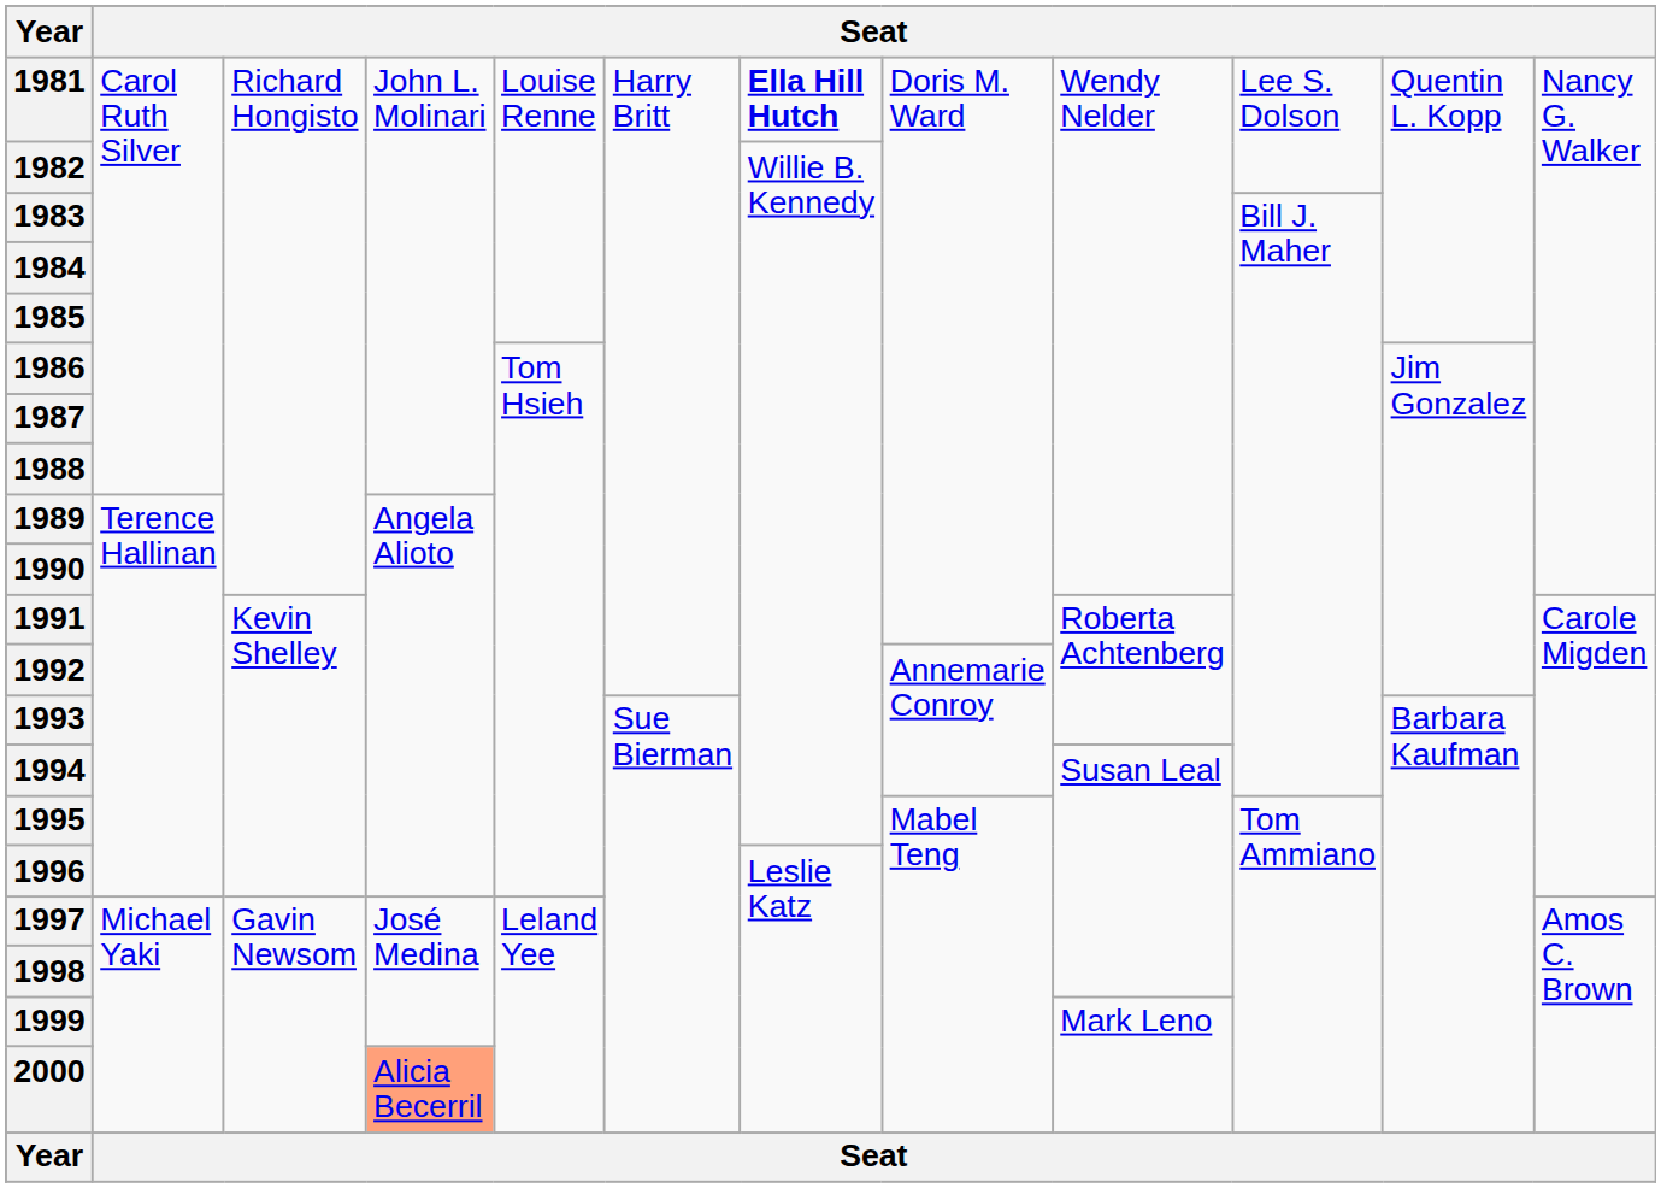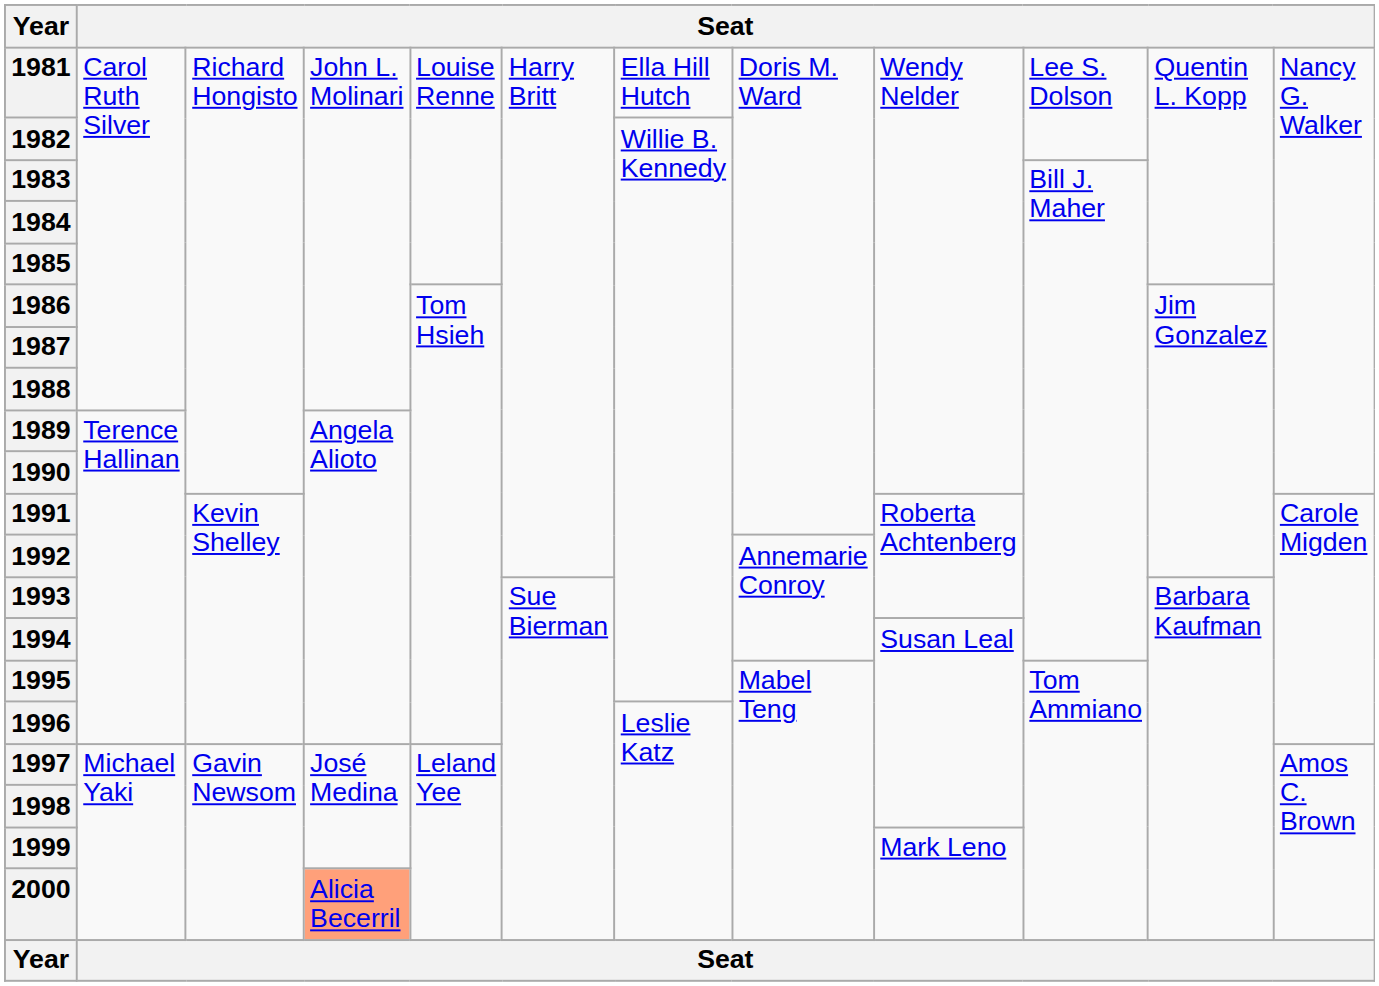 <table class="wikitable" width=100% style="font-size: 86%;">
 <tr>
 <th width="15%">Year</th>
 <th colspan="11" align="left">Seat</th>
 </tr>
 <tr valign=top>
 <th>1981</th>
 <td rowspan="8"><a href='#'>Carol Ruth Silver</a></td>
 <td rowspan="10"><a href='#'>Richard Hongisto</a></td>
 <td rowspan="8"><a href='#'>John L. Molinari</a></td>
 <td rowspan="5"><a href='#'>Louise Renne</a></td>
 <td rowspan="12"><a href='#'>Harry Britt</a></td>
-<td><strong><a href='#'>Ella Hill Hutch</a></strong></td>
+<td><a href='#'>Ella Hill Hutch</a></td>
 <td rowspan="11"><a href='#'>Doris M. Ward</a></td>
 <td rowspan="10"><a href='#'>Wendy Nelder</a></td>
 <td rowspan="2"><a href='#'>Lee S. Dolson</a></td>
 <td rowspan="5"><a href='#'>Quentin L. Kopp</a></td>
 <td rowspan="10"><a href='#'>Nancy G. Walker</a></td>
 </tr>
 <tr valign=top>
 <th>1982</th>
 <td rowspan="14"><a href='#'>Willie B. Kennedy</a></td>
 </tr>
 <tr valign=top>
 <th>1983</th>
 <td rowspan="12"><a href='#'>Bill J. Maher</a></td>
 </tr>
 <tr valign=top>
 <th>1984</th>
 </tr>
 <tr valign=top>
 <th>1985</th>
 </tr>
 <tr valign=top>
 <th>1986</th>
 <td rowspan="11"><a href='#'>Tom Hsieh</a></td>
 <td rowspan="7"><a href='#'>Jim Gonzalez</a></td>
 </tr>
 <tr valign=top>
 <th>1987</th>
 </tr>
 <tr valign=top>
 <th>1988</th>
 </tr>
 <tr valign=top>
 <th>1989</th>
 <td rowspan="8"><a href='#'>Terence Hallinan</a></td>
 <td rowspan="8"><a href='#'>Angela Alioto</a></td>
 </tr>
 <tr valign=top>
 <th>1990</th>
 </tr>
 <tr valign=top>
 <th>1991</th>
 <td rowspan="6"><a href='#'>Kevin Shelley</a></td>
 <td rowspan="3"><a href='#'>Roberta Achtenberg</a></td>
 <td rowspan="6"><a href='#'>Carole Migden</a></td>
 </tr>
 <tr valign=top>
 <th>1992</th>
 <td rowspan="3"><a href='#'>Annemarie Conroy</a></td>
 </tr>
 <tr valign=top>
 <th>1993</th>
 <td rowspan="8"><a href='#'>Sue Bierman</a></td>
 <td rowspan="8"><a href='#'>Barbara Kaufman</a></td>
 </tr>
 <tr valign=top>
 <th>1994</th>
 <td rowspan="5"><a href='#'>Susan Leal</a></td>
 </tr>
 <tr valign=top>
 <th>1995</th>
 <td rowspan="6"><a href='#'>Mabel Teng</a></td>
 <td rowspan="6"><a href='#'>Tom Ammiano</a></td>
 </tr>
 <tr valign=top>
 <th>1996</th>
 <td rowspan="5"><a href='#'>Leslie Katz</a></td>
 </tr>
 <tr valign=top>
 <th>1997</th>
 <td rowspan="4"><a href='#'>Michael Yaki</a></td>
 <td rowspan="4"><a href='#'>Gavin Newsom</a></td>
 <td rowspan="3"><a href='#'>José Medina</a></td>
 <td rowspan="4"><a href='#'>Leland Yee</a></td>
 <td rowspan="4"><a href='#'>Amos C. Brown</a></td>
 </tr>
 <tr valign=top>
 <th>1998</th>
 </tr>
 <tr valign=top>
 <th>1999</th>
 <td rowspan="2"><a href='#'>Mark Leno</a></td>
 </tr>
 <tr valign=top>
 <th>2000</th>
 <td style="background: lightsalmon;"><a href='#'>Alicia Becerril</a></td>
 </tr>
 <tr>
 <th width="15%">Year</th>
 <th colspan="11" align="left">Seat</th>
 </tr>
 </table>
